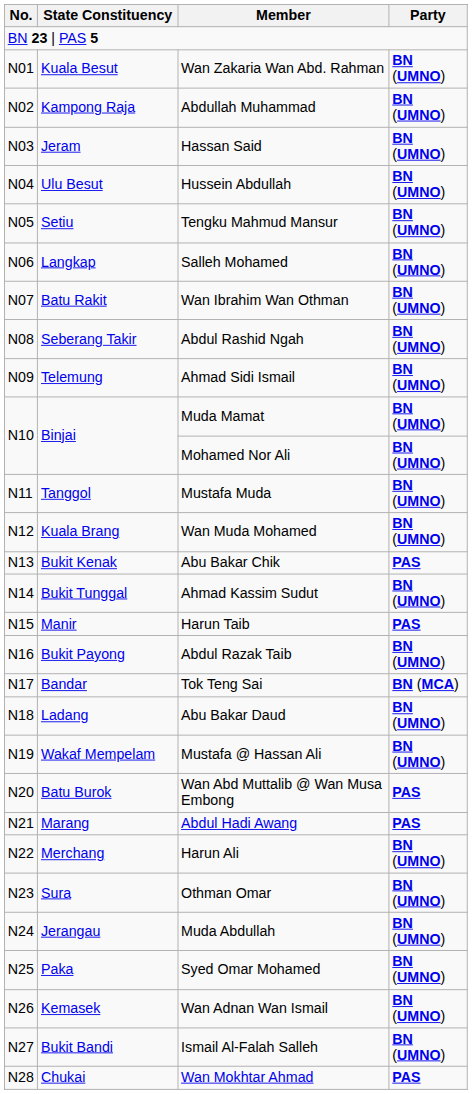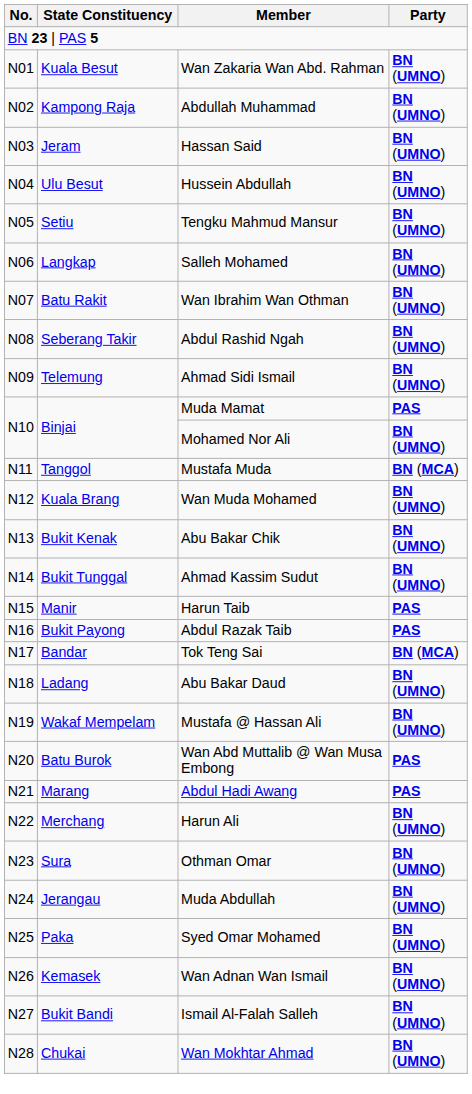 <table class="wikitable sortable">
 <tr>
 <th style="width:30px;">No.</th>
 <th style="width:150px;">State Constituency</th>
 <th style="width:230px;">Member</th>
 <th style="width:80px;">Party</th>
 </tr>
 <tr>
 <td colspan="4"><a href='#'>BN</a> <strong>23</strong> | <a href='#'>PAS</a> <strong>5</strong></td>
 </tr>
 <tr>
 <td>N01</td>
 <td><a href='#'>Kuala Besut</a></td>
 <td>Wan Zakaria Wan Abd. Rahman</td>
 <td><strong><a href='#'>BN</a></strong> (<strong><a href='#'>UMNO</a></strong>)</td>
 </tr>
 <tr>
 <td>N02</td>
 <td><a href='#'>Kampong Raja</a></td>
 <td>Abdullah Muhammad</td>
 <td><strong><a href='#'>BN</a></strong> (<strong><a href='#'>UMNO</a></strong>)</td>
 </tr>
 <tr>
 <td>N03</td>
 <td><a href='#'>Jeram</a></td>
 <td>Hassan Said</td>
 <td><strong><a href='#'>BN</a></strong> (<strong><a href='#'>UMNO</a></strong>)</td>
 </tr>
 <tr>
 <td>N04</td>
 <td><a href='#'>Ulu Besut</a></td>
 <td>Hussein Abdullah</td>
 <td><strong><a href='#'>BN</a></strong> (<strong><a href='#'>UMNO</a></strong>)</td>
 </tr>
 <tr>
 <td>N05</td>
 <td><a href='#'>Setiu</a></td>
 <td>Tengku Mahmud Mansur</td>
 <td><strong><a href='#'>BN</a></strong> (<strong><a href='#'>UMNO</a></strong>)</td>
 </tr>
 <tr>
 <td>N06</td>
 <td><a href='#'>Langkap</a></td>
 <td>Salleh Mohamed</td>
 <td><strong><a href='#'>BN</a></strong> (<strong><a href='#'>UMNO</a></strong>)</td>
 </tr>
 <tr>
 <td>N07</td>
 <td><a href='#'>Batu Rakit</a></td>
 <td>Wan Ibrahim Wan Othman</td>
 <td><strong><a href='#'>BN</a></strong> (<strong><a href='#'>UMNO</a></strong>)</td>
 </tr>
 <tr>
 <td>N08</td>
 <td><a href='#'>Seberang Takir</a></td>
 <td>Abdul Rashid Ngah</td>
 <td><strong><a href='#'>BN</a></strong> (<strong><a href='#'>UMNO</a></strong>)</td>
 </tr>
 <tr>
 <td>N09</td>
 <td><a href='#'>Telemung</a></td>
 <td>Ahmad Sidi Ismail</td>
 <td><strong><a href='#'>BN</a></strong> (<strong><a href='#'>UMNO</a></strong>)</td>
 </tr>
 <tr>
 <td rowspan=2>N10</td>
 <td rowspan=2><a href='#'>Binjai</a></td>
 <td>Muda Mamat </td>
-<td><strong><a href='#'>BN</a></strong> (<strong><a href='#'>UMNO</a></strong>)</td>
+<td><strong><a href='#'>PAS</a></strong></td>
 </tr>
 <tr>
 <td>Mohamed Nor Ali </td>
 <td><strong><a href='#'>BN</a></strong> (<strong><a href='#'>UMNO</a></strong>)</td>
 </tr>
 <tr>
 <td>N11</td>
 <td><a href='#'>Tanggol</a></td>
 <td>Mustafa Muda</td>
-<td><strong><a href='#'>BN</a></strong> (<strong><a href='#'>UMNO</a></strong>)</td>
+<td><strong><a href='#'>BN</a></strong> (<strong><a href='#'>MCA</a></strong>)</td>
 </tr>
 <tr>
 <td>N12</td>
 <td><a href='#'>Kuala Brang</a></td>
 <td>Wan Muda Mohamed</td>
 <td><strong><a href='#'>BN</a></strong> (<strong><a href='#'>UMNO</a></strong>)</td>
 </tr>
 <tr>
 <td>N13</td>
 <td><a href='#'>Bukit Kenak</a></td>
 <td>Abu Bakar Chik</td>
-<td><strong><a href='#'>PAS</a></strong></td>
+<td><strong><a href='#'>BN</a></strong> (<strong><a href='#'>UMNO</a></strong>)</td>
 </tr>
 <tr>
 <td>N14</td>
 <td><a href='#'>Bukit Tunggal</a></td>
 <td>Ahmad Kassim Sudut</td>
 <td><strong><a href='#'>BN</a></strong> (<strong><a href='#'>UMNO</a></strong>)</td>
 </tr>
 <tr>
 <td>N15</td>
 <td><a href='#'>Manir</a></td>
 <td>Harun Taib</td>
 <td><strong><a href='#'>PAS</a></strong></td>
 </tr>
 <tr>
 <td>N16</td>
 <td><a href='#'>Bukit Payong</a></td>
 <td>Abdul Razak Taib</td>
-<td><strong><a href='#'>BN</a></strong> (<strong><a href='#'>UMNO</a></strong>)</td>
+<td><strong><a href='#'>PAS</a></strong></td>
 </tr>
 <tr>
 <td>N17</td>
 <td><a href='#'>Bandar</a></td>
 <td>Tok Teng Sai</td>
 <td><strong><a href='#'>BN</a></strong> (<strong><a href='#'>MCA</a></strong>)</td>
 </tr>
 <tr>
 <td>N18</td>
 <td><a href='#'>Ladang</a></td>
 <td>Abu Bakar Daud</td>
 <td><strong><a href='#'>BN</a></strong> (<strong><a href='#'>UMNO</a></strong>)</td>
 </tr>
 <tr>
 <td>N19</td>
 <td><a href='#'>Wakaf Mempelam</a></td>
 <td>Mustafa @ Hassan Ali</td>
 <td><strong><a href='#'>BN</a></strong> (<strong><a href='#'>UMNO</a></strong>)</td>
 </tr>
 <tr>
 <td>N20</td>
 <td><a href='#'>Batu Burok</a></td>
 <td>Wan Abd Muttalib @ Wan Musa Embong</td>
 <td><strong><a href='#'>PAS</a></strong></td>
 </tr>
 <tr>
 <td>N21</td>
 <td><a href='#'>Marang</a></td>
 <td><a href='#'>Abdul Hadi Awang</a></td>
 <td><strong><a href='#'>PAS</a></strong></td>
 </tr>
 <tr>
 <td>N22</td>
 <td><a href='#'>Merchang</a></td>
 <td>Harun Ali</td>
 <td><strong><a href='#'>BN</a></strong> (<strong><a href='#'>UMNO</a></strong>)</td>
 </tr>
 <tr>
 <td>N23</td>
 <td><a href='#'>Sura</a></td>
 <td>Othman Omar</td>
 <td><strong><a href='#'>BN</a></strong> (<strong><a href='#'>UMNO</a></strong>)</td>
 </tr>
 <tr>
 <td>N24</td>
 <td><a href='#'>Jerangau</a></td>
 <td>Muda Abdullah</td>
 <td><strong><a href='#'>BN</a></strong> (<strong><a href='#'>UMNO</a></strong>)</td>
 </tr>
 <tr>
 <td>N25</td>
 <td><a href='#'>Paka</a></td>
 <td>Syed Omar Mohamed</td>
 <td><strong><a href='#'>BN</a></strong> (<strong><a href='#'>UMNO</a></strong>)</td>
 </tr>
 <tr>
 <td>N26</td>
 <td><a href='#'>Kemasek</a></td>
 <td>Wan Adnan Wan Ismail</td>
 <td><strong><a href='#'>BN</a></strong> (<strong><a href='#'>UMNO</a></strong>)</td>
 </tr>
 <tr>
 <td>N27</td>
 <td><a href='#'>Bukit Bandi</a></td>
 <td>Ismail Al-Falah Salleh</td>
 <td><strong><a href='#'>BN</a></strong> (<strong><a href='#'>UMNO</a></strong>)</td>
 </tr>
 <tr>
 <td>N28</td>
 <td><a href='#'>Chukai</a></td>
 <td><a href='#'>Wan Mokhtar Ahmad</a></td>
-<td><strong><a href='#'>PAS</a></strong></td>
+<td><strong><a href='#'>BN</a></strong> (<strong><a href='#'>UMNO</a></strong>)</td>
 </tr>
 </table>
